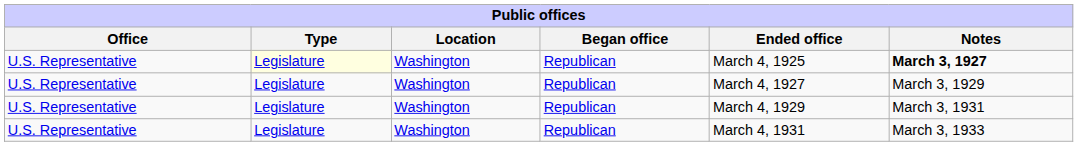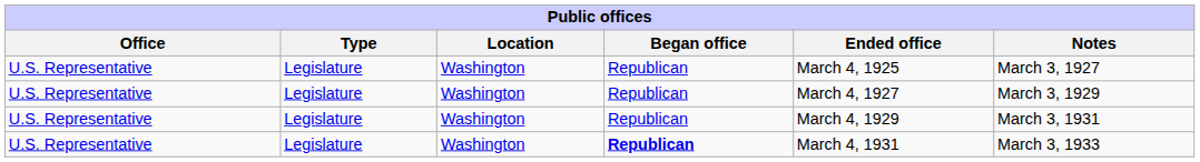 <table class=wikitable style="width: 94%" style="text-align: center;" align="center">
 <tr bgcolor=#cccccc>
 <th colspan=7 style="background: #ccccff;">Public offices</th>
 </tr>
 <tr>
 <th><strong>Office</strong></th>
 <th><strong>Type</strong></th>
 <th><strong>Location</strong></th>
 <th><strong>Began office</strong></th>
 <th><strong>Ended office</strong></th>
 <th><strong>Notes</strong></th>
 </tr>
 <tr>
 <td><a href='#'>U.S. Representative</a></td>
-<td style="background: lightyellow;"><a href='#'>Legislature</a></td>
+<td><a href='#'>Legislature</a></td>
 <td><a href='#'>Washington</a></td>
 <td><a href='#'>Republican</a></td>
 <td>March 4, 1925</td>
-<td><strong>March 3, 1927</strong></td>
+<td>March 3, 1927</td>
 </tr>
 <tr>
 <td><a href='#'>U.S. Representative</a></td>
 <td><a href='#'>Legislature</a></td>
 <td><a href='#'>Washington</a></td>
 <td><a href='#'>Republican</a></td>
 <td>March 4, 1927</td>
 <td>March 3, 1929</td>
 </tr>
 <tr>
 <td><a href='#'>U.S. Representative</a></td>
 <td><a href='#'>Legislature</a></td>
 <td><a href='#'>Washington</a></td>
 <td><a href='#'>Republican</a></td>
 <td>March 4, 1929</td>
 <td>March 3, 1931</td>
 </tr>
 <tr>
 <td><a href='#'>U.S. Representative</a></td>
 <td><a href='#'>Legislature</a></td>
 <td><a href='#'>Washington</a></td>
-<td><a href='#'>Republican</a></td>
+<td><strong><a href='#'>Republican</a></strong></td>
 <td>March 4, 1931</td>
 <td>March 3, 1933</td>
 </tr>
 </table>
